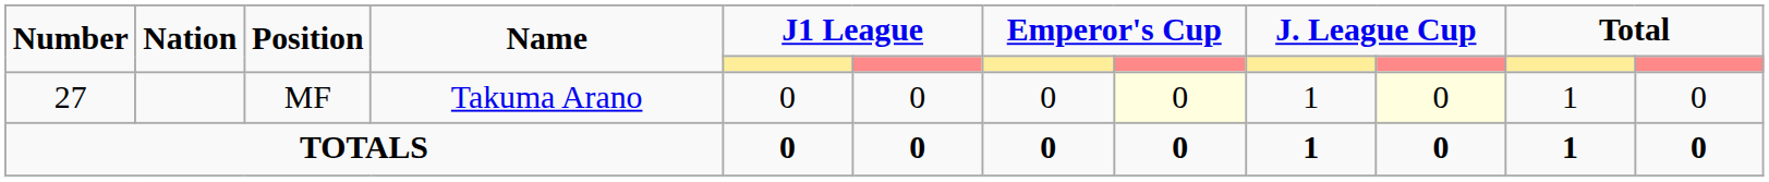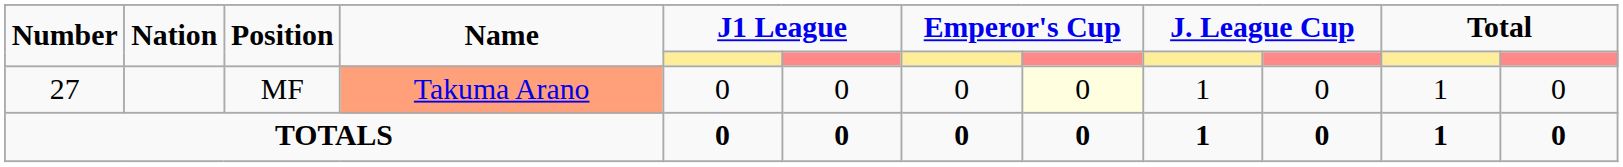 <table class="wikitable" style="text-align:center;">
 <tr>
 <td rowspan="2"  style="width:5%;"><strong>Number</strong></td>
 <td rowspan="2"  style="width:5%;"><strong>Nation</strong></td>
 <td rowspan="2"  style="width:5%;"><strong>Position</strong></td>
 <td rowspan="2"  style="width:20%;"><strong>Name</strong></td>
 <td colspan="2"><strong><a href='#'>J1 League</a></strong></td>
 <td colspan="2"><strong><a href='#'>Emperor's Cup</a></strong></td>
 <td colspan="2"><strong><a href='#'>J. League Cup</a></strong></td>
 <td colspan="2"><strong>Total</strong></td>
 </tr>
 <tr>
 <th style="width:60px; background:#fe9;"></th>
 <th style="width:60px; background:#ff8888;"></th>
 <th style="width:60px; background:#fe9;"></th>
 <th style="width:60px; background:#ff8888;"></th>
 <th style="width:60px; background:#fe9;"></th>
 <th style="width:60px; background:#ff8888;"></th>
 <th style="width:60px; background:#fe9;"></th>
 <th style="width:60px; background:#ff8888;"></th>
 </tr>
 <tr>
 <td>27</td>
 <td></td>
 <td>MF</td>
-<td><a href='#'>Takuma Arano</a></td>
+<td style="background: lightsalmon;"><a href='#'>Takuma Arano</a></td>
 <td>0</td>
 <td>0</td>
 <td>0</td>
 <td style="background: lightyellow;">0</td>
 <td>1</td>
-<td style="background: lightyellow;">0</td>
+<td>0</td>
 <td>1</td>
 <td>0</td>
 </tr>
 <tr>
 <td colspan="4"><strong>TOTALS</strong></td>
 <td><strong>0</strong></td>
 <td><strong>0</strong></td>
 <td><strong>0</strong></td>
 <td><strong>0</strong></td>
 <td><strong>1</strong></td>
 <td><strong>0</strong></td>
 <td><strong>1</strong></td>
 <td><strong>0</strong></td>
 </tr>
 </table>
